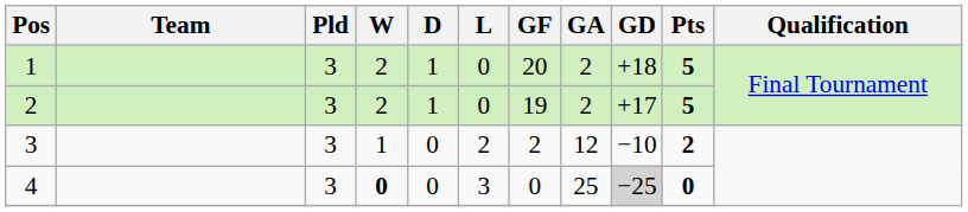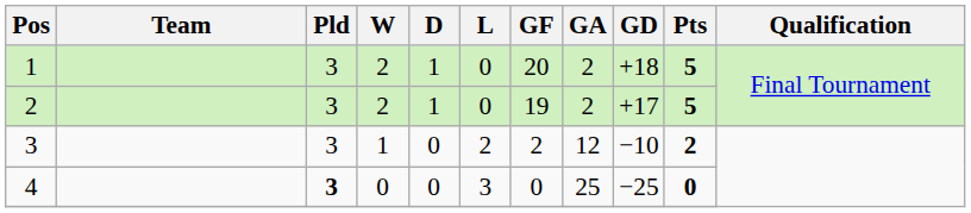 <table class="wikitable" border="1" style="text-align: center;">
 <tr>
 <th width="25"><abbr>Pos</abbr></th>
 <th width="150">Team</th>
 <th width="25"><abbr>Pld</abbr></th>
 <th width="25"><abbr>W</abbr></th>
 <th width="25"><abbr>D</abbr></th>
 <th width="25"><abbr>L</abbr></th>
 <th width="25"><abbr>GF</abbr></th>
 <th width="25"><abbr>GA</abbr></th>
 <th width="25"><abbr>GD</abbr></th>
 <th width="25"><abbr>Pts</abbr></th>
 <th width="150">Qualification</th>
 </tr>
 <tr bgcolor= #D0F0C0>
 <td>1</td>
 <td align="left"></td>
 <td>3</td>
 <td>2</td>
 <td>1</td>
 <td>0</td>
 <td>20</td>
 <td>2</td>
 <td>+18</td>
 <td><strong>5</strong></td>
 <td rowspan=2><a href='#'>Final Tournament</a></td>
 </tr>
 <tr bgcolor= #D0F0C0>
 <td>2</td>
 <td align="left"></td>
 <td>3</td>
 <td>2</td>
 <td>1</td>
 <td>0</td>
 <td>19</td>
 <td>2</td>
 <td>+17</td>
 <td><strong>5</strong></td>
 </tr>
 <tr>
 <td>3</td>
 <td align="left"></td>
 <td>3</td>
 <td>1</td>
 <td>0</td>
 <td>2</td>
 <td>2</td>
 <td>12</td>
 <td>−10</td>
 <td><strong>2</strong></td>
 </tr>
 <tr>
 <td>4</td>
 <td align="left"></td>
-<td>3</td>
-<td><strong>0</strong></td>
+<td><strong>3</strong></td>
+<td>0</td>
 <td>0</td>
 <td>3</td>
 <td>0</td>
 <td>25</td>
-<td style="background: lightgrey;">−25</td>
+<td>−25</td>
 <td><strong>0</strong></td>
 </tr>
 <tr>
 </tr>
 </table>
